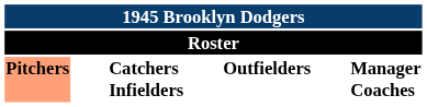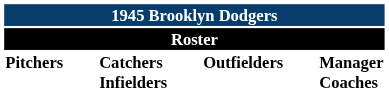 <table class="toccolours" style="font-size: 95%;">
 <tr>
 <th colspan="10" style="background-color: #083c6b; color: white; text-align: center;">1945 Brooklyn Dodgers</th>
 </tr>
 <tr>
 <td colspan="10" style="background-color: black; color: white; text-align: center;"><strong>Roster</strong></td>
 </tr>
 <tr>
-<td valign="top" style="background: lightsalmon;"><strong>Pitchers</strong><br>              </td>
+<td valign="top"><strong>Pitchers</strong><br>              </td>
 <td width="25px"></td>
 <td valign="top"><strong>Catchers</strong><br>       <strong>Infielders</strong>            </td>
 <td width="25px"></td>
 <td valign="top"><strong>Outfielders</strong><br>       </td>
 <td width="25px"></td>
 <td valign="top"><strong>Manager</strong><br> <strong>Coaches</strong>    </td>
 </tr>
 </table>
